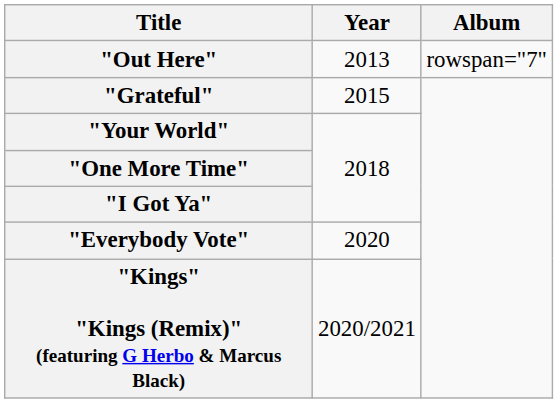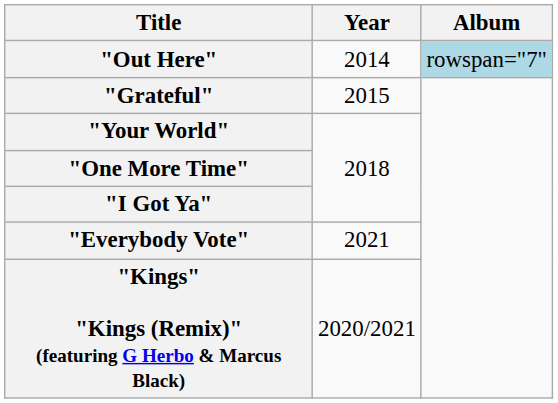 <table class="wikitable plainrowheaders" style="text-align:center;">
 <tr>
 <th scope="col" rowspan="1" style="width:13em;">Title</th>
 <th scope="col" rowspan="1">Year</th>
 <th scope="col" rowspan="1">Album</th>
 </tr>
 <tr>
 <th scope="row">"Out Here"<br></th>
-<td>2013</td>
-<td>rowspan="7" </td>
+<td>2014</td>
+<td style="background: lightblue;">rowspan="7" </td>
 </tr>
 <tr>
 <th scope="row">"Grateful"<br></th>
 <td>2015</td>
 </tr>
 <tr>
 <th scope="row">"Your World"<br></th>
 <td rowspan="3">2018</td>
 </tr>
 <tr>
 <th scope="row">"One More Time"<br></th>
 </tr>
 <tr>
 <th scope="row">"I Got Ya"<br></th>
 </tr>
 <tr>
 <th scope="row">"Everybody Vote"</th>
-<td>2020</td>
+<td>2021</td>
 </tr>
 <tr>
 <th scope="row">"Kings"<br><br>"Kings (Remix)"<br><small>(featuring <a href='#'>G Herbo</a> & Marcus Black)</small></th>
 <td>2020/2021</td>
 </tr>
 </table>
